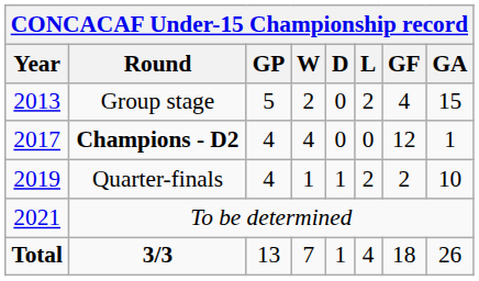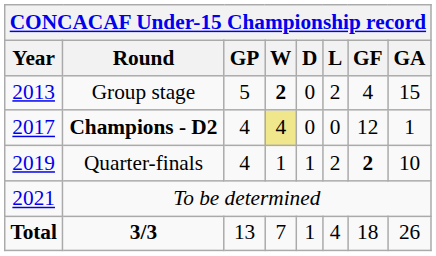 <table class="wikitable" style="text-align: center;font-size:90%;">
 <tr>
 <th colspan=9><a href='#'>CONCACAF Under-15 Championship record</a></th>
 </tr>
 <tr>
 <th>Year</th>
 <th>Round</th>
 <th>GP</th>
 <th>W</th>
 <th>D</th>
 <th>L</th>
 <th>GF</th>
 <th>GA</th>
 </tr>
 <tr>
 <td> <a href='#'>2013</a></td>
 <td>Group stage</td>
 <td>5</td>
-<td>2</td>
+<td><strong>2</strong></td>
 <td>0</td>
 <td>2</td>
 <td>4</td>
 <td>15</td>
 </tr>
 <tr>
 <td> <a href='#'>2017</a></td>
 <td><strong>Champions - D2</strong></td>
 <td>4</td>
-<td>4</td>
+<td style="background: khaki;">4</td>
 <td>0</td>
 <td>0</td>
 <td>12</td>
 <td>1</td>
 </tr>
 <tr>
 <td> <a href='#'>2019</a></td>
 <td>Quarter-finals</td>
 <td>4</td>
 <td>1</td>
 <td>1</td>
 <td>2</td>
-<td>2</td>
+<td><strong>2</strong></td>
 <td>10</td>
 </tr>
 <tr>
 <td> <a href='#'>2021</a></td>
 <td colspan=9><em>To be determined</em></td>
 </tr>
 <tr>
 <td><strong>Total</strong></td>
 <td><strong>3/3</strong></td>
 <td>13</td>
 <td>7</td>
 <td>1</td>
 <td>4</td>
 <td>18</td>
 <td>26</td>
 </tr>
 </table>
